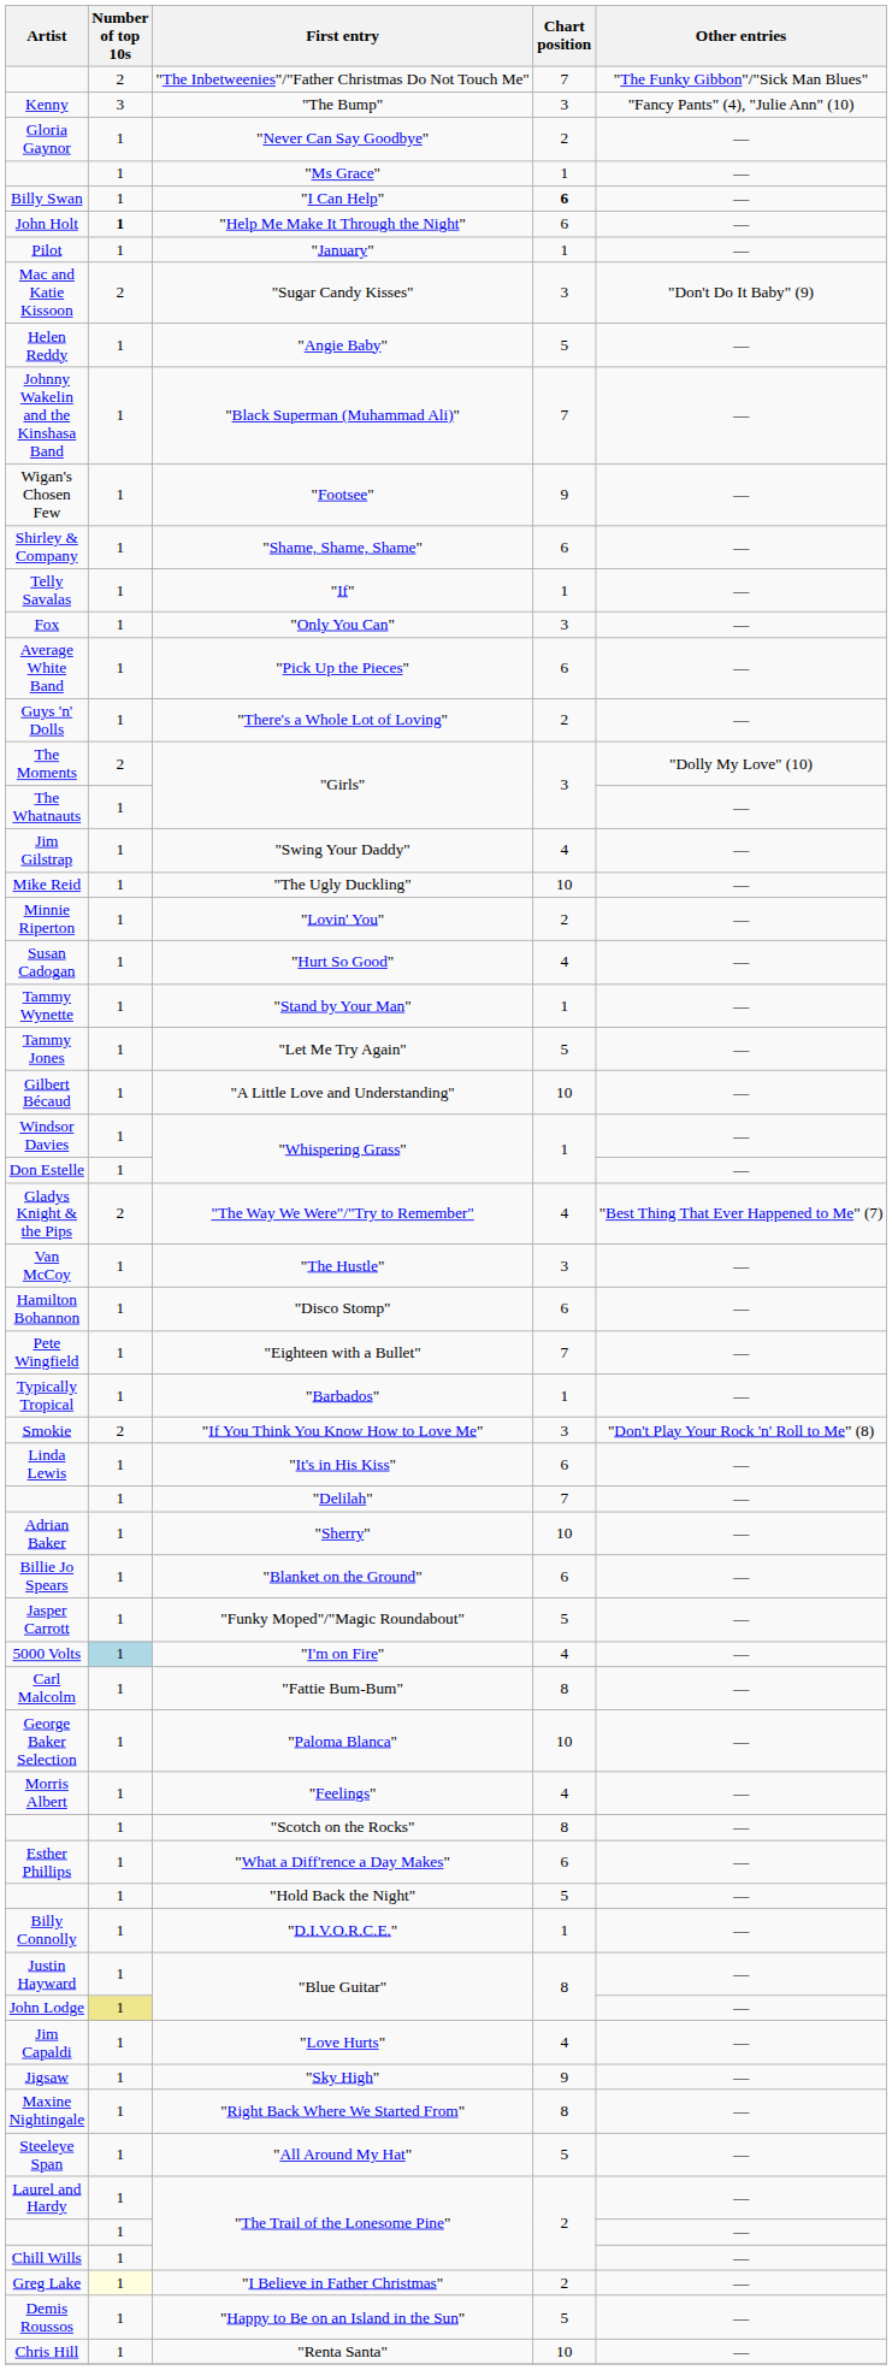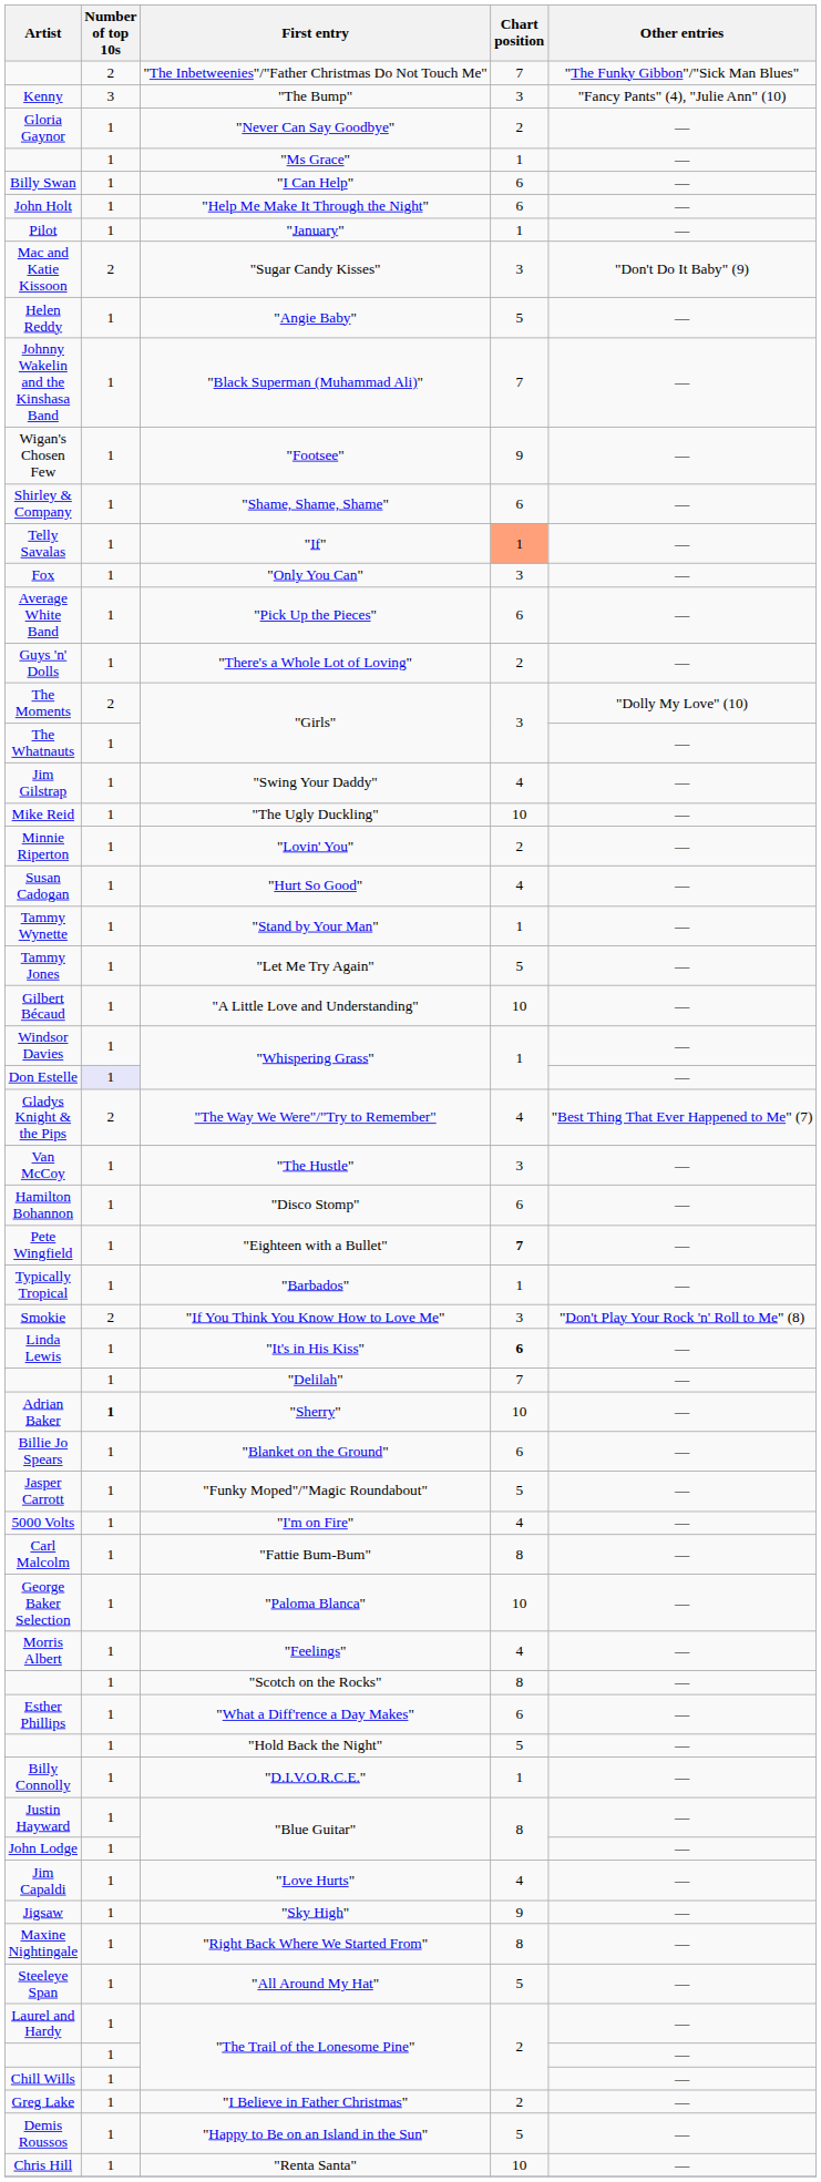 <table class="wikitable sortable mw-collapsible mw-collapsed" style="text-align: center;">
 <tr>
 <th scope="col" style="width:55px;">Artist</th>
 <th scope="col" style="width:55px;" data-sort-type="number">Number of top 10s</th>
 <th scope="col" style="text-align:center;">First entry</th>
 <th scope="col" style="width:55px;" data-sort-type="number">Chart position</th>
 <th scope="col" style="text-align:center;">Other entries</th>
 </tr>
 <tr>
 <td></td>
 <td>2</td>
 <td>"<a href='#'>The Inbetweenies</a>"/"Father Christmas Do Not Touch Me"</td>
 <td>7</td>
 <td>"<a href='#'>The Funky Gibbon</a>"/"Sick Man Blues"</td>
 </tr>
 <tr>
 <td><a href='#'>Kenny</a></td>
 <td>3</td>
 <td>"The Bump"</td>
 <td>3</td>
 <td>"Fancy Pants" (4), "Julie Ann" (10)</td>
 </tr>
 <tr>
 <td><a href='#'>Gloria Gaynor</a></td>
 <td>1</td>
 <td>"<a href='#'>Never Can Say Goodbye</a>"</td>
 <td>2</td>
 <td>—</td>
 </tr>
 <tr>
 <td></td>
 <td>1</td>
 <td>"<a href='#'>Ms Grace</a>"</td>
 <td>1</td>
 <td>—</td>
 </tr>
 <tr>
 <td><a href='#'>Billy Swan</a></td>
 <td>1</td>
 <td>"<a href='#'>I Can Help</a>"</td>
-<td><strong>6</strong></td>
+<td>6</td>
 <td>—</td>
 </tr>
 <tr>
 <td><a href='#'>John Holt</a></td>
-<td><strong>1</strong></td>
+<td>1</td>
 <td>"<a href='#'>Help Me Make It Through the Night</a>"</td>
 <td>6</td>
 <td>—</td>
 </tr>
 <tr>
 <td><a href='#'>Pilot</a></td>
 <td>1</td>
 <td>"<a href='#'>January</a>"</td>
 <td>1</td>
 <td>—</td>
 </tr>
 <tr>
 <td><a href='#'>Mac and Katie Kissoon</a></td>
 <td>2</td>
 <td>"Sugar Candy Kisses"</td>
 <td>3</td>
 <td>"Don't Do It Baby" (9)</td>
 </tr>
 <tr>
 <td><a href='#'>Helen Reddy</a></td>
 <td>1</td>
 <td>"<a href='#'>Angie Baby</a>"</td>
 <td>5</td>
 <td>—</td>
 </tr>
 <tr>
 <td><a href='#'>Johnny Wakelin and the Kinshasa Band</a></td>
 <td>1</td>
 <td>"<a href='#'>Black Superman (Muhammad Ali)</a>"</td>
 <td>7</td>
 <td>—</td>
 </tr>
 <tr>
 <td>Wigan's Chosen Few</td>
 <td>1</td>
 <td>"<a href='#'>Footsee</a>"</td>
 <td>9</td>
 <td>—</td>
 </tr>
 <tr>
 <td><a href='#'>Shirley & Company</a></td>
 <td>1</td>
 <td>"<a href='#'>Shame, Shame, Shame</a>"</td>
 <td>6</td>
 <td>—</td>
 </tr>
 <tr>
 <td><a href='#'>Telly Savalas</a></td>
 <td>1</td>
 <td>"<a href='#'>If</a>"</td>
-<td>1</td>
+<td style="background: lightsalmon;">1</td>
 <td>—</td>
 </tr>
 <tr>
 <td><a href='#'>Fox</a></td>
 <td>1</td>
 <td>"<a href='#'>Only You Can</a>"</td>
 <td>3</td>
 <td>—</td>
 </tr>
 <tr>
 <td><a href='#'>Average White Band</a></td>
 <td>1</td>
 <td>"<a href='#'>Pick Up the Pieces</a>"</td>
 <td>6</td>
 <td>—</td>
 </tr>
 <tr>
 <td><a href='#'>Guys 'n' Dolls</a></td>
 <td>1</td>
 <td>"<a href='#'>There's a Whole Lot of Loving</a>"</td>
 <td>2</td>
 <td>—</td>
 </tr>
 <tr>
 <td><a href='#'>The Moments</a></td>
 <td>2</td>
 <td rowspan="2" style="text-align:center">"Girls"</td>
 <td rowspan="2" style="text-align:center">3</td>
 <td>"Dolly My Love" (10)</td>
 </tr>
 <tr>
 <td><a href='#'>The Whatnauts</a></td>
 <td>1</td>
 <td>—</td>
 </tr>
 <tr>
 <td><a href='#'>Jim Gilstrap</a></td>
 <td>1</td>
 <td>"Swing Your Daddy"</td>
 <td>4</td>
 <td>—</td>
 </tr>
 <tr>
 <td><a href='#'>Mike Reid</a></td>
 <td>1</td>
 <td>"The Ugly Duckling"</td>
 <td>10</td>
 <td>—</td>
 </tr>
 <tr>
 <td><a href='#'>Minnie Riperton</a></td>
 <td>1</td>
 <td>"<a href='#'>Lovin' You</a>"</td>
 <td>2</td>
 <td>—</td>
 </tr>
 <tr>
 <td><a href='#'>Susan Cadogan</a></td>
 <td>1</td>
 <td>"<a href='#'>Hurt So Good</a>"</td>
 <td>4</td>
 <td>—</td>
 </tr>
 <tr>
 <td><a href='#'>Tammy Wynette</a></td>
 <td>1</td>
 <td>"<a href='#'>Stand by Your Man</a>"</td>
 <td>1</td>
 <td>—</td>
 </tr>
 <tr>
 <td><a href='#'>Tammy Jones</a></td>
 <td>1</td>
 <td>"Let Me Try Again"</td>
 <td>5</td>
 <td>—</td>
 </tr>
 <tr>
 <td><a href='#'>Gilbert Bécaud</a></td>
 <td>1</td>
 <td>"A Little Love and Understanding"</td>
 <td>10</td>
 <td>—</td>
 </tr>
 <tr>
 <td><a href='#'>Windsor Davies</a></td>
 <td>1</td>
 <td rowspan="2" style="text-align:center">"<a href='#'>Whispering Grass</a>"</td>
 <td rowspan="2" style="text-align:center">1</td>
 <td>—</td>
 </tr>
 <tr>
 <td><a href='#'>Don Estelle</a></td>
-<td>1</td>
+<td style="background: lavender;">1</td>
 <td>—</td>
 </tr>
 <tr>
 <td><a href='#'>Gladys Knight & the Pips</a></td>
 <td>2</td>
 <td><a href='#'>"The Way We Were"/"Try to Remember"</a></td>
 <td>4</td>
 <td>"<a href='#'>Best Thing That Ever Happened to Me</a>" (7)</td>
 </tr>
 <tr>
 <td><a href='#'>Van McCoy</a></td>
 <td>1</td>
 <td>"<a href='#'>The Hustle</a>"</td>
 <td>3</td>
 <td>—</td>
 </tr>
 <tr>
 <td><a href='#'>Hamilton Bohannon</a></td>
 <td>1</td>
 <td>"Disco Stomp"</td>
 <td>6</td>
 <td>—</td>
 </tr>
 <tr>
 <td><a href='#'>Pete Wingfield</a></td>
 <td>1</td>
 <td>"Eighteen with a Bullet"</td>
-<td>7</td>
+<td><strong>7</strong></td>
 <td>—</td>
 </tr>
 <tr>
 <td><a href='#'>Typically Tropical</a></td>
 <td>1</td>
 <td>"<a href='#'>Barbados</a>"</td>
 <td>1</td>
 <td>—</td>
 </tr>
 <tr>
 <td><a href='#'>Smokie</a></td>
 <td>2</td>
 <td>"<a href='#'>If You Think You Know How to Love Me</a>"</td>
 <td>3</td>
 <td>"<a href='#'>Don't Play Your Rock 'n' Roll to Me</a>" (8)</td>
 </tr>
 <tr>
 <td><a href='#'>Linda Lewis</a></td>
 <td>1</td>
 <td>"<a href='#'>It's in His Kiss</a>"</td>
-<td>6</td>
+<td><strong>6</strong></td>
 <td>—</td>
 </tr>
 <tr>
 <td></td>
 <td>1</td>
 <td>"<a href='#'>Delilah</a>"</td>
 <td>7</td>
 <td>—</td>
 </tr>
 <tr>
 <td><a href='#'>Adrian Baker</a></td>
-<td>1</td>
+<td><strong>1</strong></td>
 <td>"<a href='#'>Sherry</a>"</td>
 <td>10</td>
 <td>—</td>
 </tr>
 <tr>
 <td><a href='#'>Billie Jo Spears</a></td>
 <td>1</td>
 <td>"<a href='#'>Blanket on the Ground</a>"</td>
 <td>6</td>
 <td>—</td>
 </tr>
 <tr>
 <td><a href='#'>Jasper Carrott</a></td>
 <td>1</td>
 <td>"Funky Moped"/"Magic Roundabout"</td>
 <td>5</td>
 <td>—</td>
 </tr>
 <tr>
 <td><a href='#'>5000 Volts</a></td>
-<td style="background: lightblue;">1</td>
+<td>1</td>
 <td>"<a href='#'>I'm on Fire</a>"</td>
 <td>4</td>
 <td>—</td>
 </tr>
 <tr>
 <td><a href='#'>Carl Malcolm</a></td>
 <td>1</td>
 <td>"Fattie Bum-Bum"</td>
 <td>8</td>
 <td>—</td>
 </tr>
 <tr>
 <td><a href='#'>George Baker Selection</a></td>
 <td>1</td>
 <td>"<a href='#'>Paloma Blanca</a>"</td>
 <td>10</td>
 <td>—</td>
 </tr>
 <tr>
 <td><a href='#'>Morris Albert</a></td>
 <td>1</td>
 <td>"<a href='#'>Feelings</a>"</td>
 <td>4</td>
 <td>—</td>
 </tr>
 <tr>
 <td></td>
 <td>1</td>
 <td>"Scotch on the Rocks"</td>
 <td>8</td>
 <td>—</td>
 </tr>
 <tr>
 <td><a href='#'>Esther Phillips</a></td>
 <td>1</td>
 <td>"<a href='#'>What a Diff'rence a Day Makes</a>"</td>
 <td>6</td>
 <td>—</td>
 </tr>
 <tr>
 <td></td>
 <td>1</td>
 <td>"Hold Back the Night"</td>
 <td>5</td>
 <td>—</td>
 </tr>
 <tr>
 <td><a href='#'>Billy Connolly</a></td>
 <td>1</td>
 <td>"<a href='#'>D.I.V.O.R.C.E.</a>"</td>
 <td>1</td>
 <td>—</td>
 </tr>
 <tr>
 <td><a href='#'>Justin Hayward</a></td>
 <td>1</td>
 <td rowspan="2" style="text-align:center">"Blue Guitar"</td>
 <td rowspan="2" style="text-align:center">8</td>
 <td>—</td>
 </tr>
 <tr>
 <td><a href='#'>John Lodge</a></td>
-<td style="background: khaki;">1</td>
+<td>1</td>
 <td>—</td>
 </tr>
 <tr>
 <td><a href='#'>Jim Capaldi</a></td>
 <td>1</td>
 <td>"<a href='#'>Love Hurts</a>"</td>
 <td>4</td>
 <td>—</td>
 </tr>
 <tr>
 <td><a href='#'>Jigsaw</a></td>
 <td>1</td>
 <td>"<a href='#'>Sky High</a>"</td>
 <td>9</td>
 <td>—</td>
 </tr>
 <tr>
 <td><a href='#'>Maxine Nightingale</a></td>
 <td>1</td>
 <td>"<a href='#'>Right Back Where We Started From</a>"</td>
 <td>8</td>
 <td>—</td>
 </tr>
 <tr>
 <td><a href='#'>Steeleye Span</a></td>
 <td>1</td>
 <td>"<a href='#'>All Around My Hat</a>"</td>
 <td>5</td>
 <td>—</td>
 </tr>
 <tr>
 <td><a href='#'>Laurel and Hardy</a></td>
 <td>1</td>
 <td rowspan="3" style="text-align:center">"<a href='#'>The Trail of the Lonesome Pine</a>"</td>
 <td rowspan="3" style="text-align:center">2</td>
 <td>—</td>
 </tr>
 <tr>
 <td></td>
 <td>1</td>
 <td>—</td>
 </tr>
 <tr>
 <td><a href='#'>Chill Wills</a></td>
 <td>1</td>
 <td>—</td>
 </tr>
 <tr>
 <td><a href='#'>Greg Lake</a></td>
-<td style="background: lightyellow;">1</td>
+<td>1</td>
 <td>"<a href='#'>I Believe in Father Christmas</a>"</td>
 <td>2</td>
 <td>—</td>
 </tr>
 <tr>
 <td><a href='#'>Demis Roussos</a></td>
 <td>1</td>
 <td>"<a href='#'>Happy to Be on an Island in the Sun</a>"</td>
 <td>5</td>
 <td>—</td>
 </tr>
 <tr>
 <td><a href='#'>Chris Hill</a></td>
 <td>1</td>
 <td>"Renta Santa"</td>
 <td>10</td>
 <td>—</td>
 </tr>
 <tr>
 </tr>
 </table>
